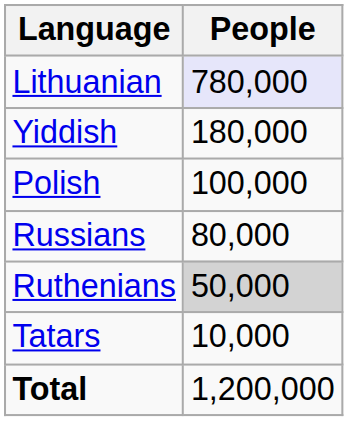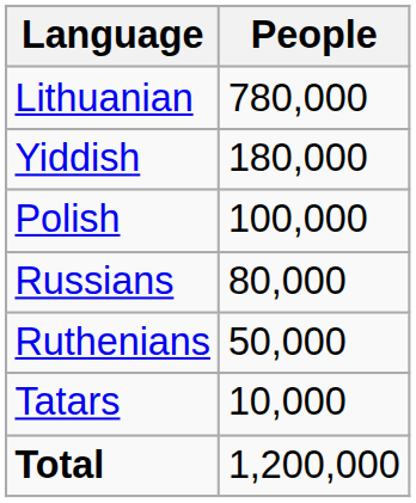 <table class="wikitable">
 <tr>
 <th>Language</th>
 <th>People</th>
 </tr>
 <tr>
 <td><a href='#'>Lithuanian</a></td>
-<td style="background: lavender;">780,000</td>
+<td>780,000</td>
 </tr>
 <tr>
 <td><a href='#'>Yiddish</a></td>
 <td>180,000</td>
 </tr>
 <tr>
 <td><a href='#'>Polish</a></td>
 <td>100,000</td>
 </tr>
 <tr>
 <td><a href='#'>Russians</a></td>
 <td>80,000</td>
 </tr>
 <tr>
 <td><a href='#'>Ruthenians</a></td>
-<td style="background: lightgrey;">50,000</td>
+<td>50,000</td>
 </tr>
 <tr>
 <td><a href='#'>Tatars</a></td>
 <td>10,000</td>
 </tr>
 <tr>
 <td><strong>Total</strong></td>
 <td>1,200,000</td>
 </tr>
 </table>
